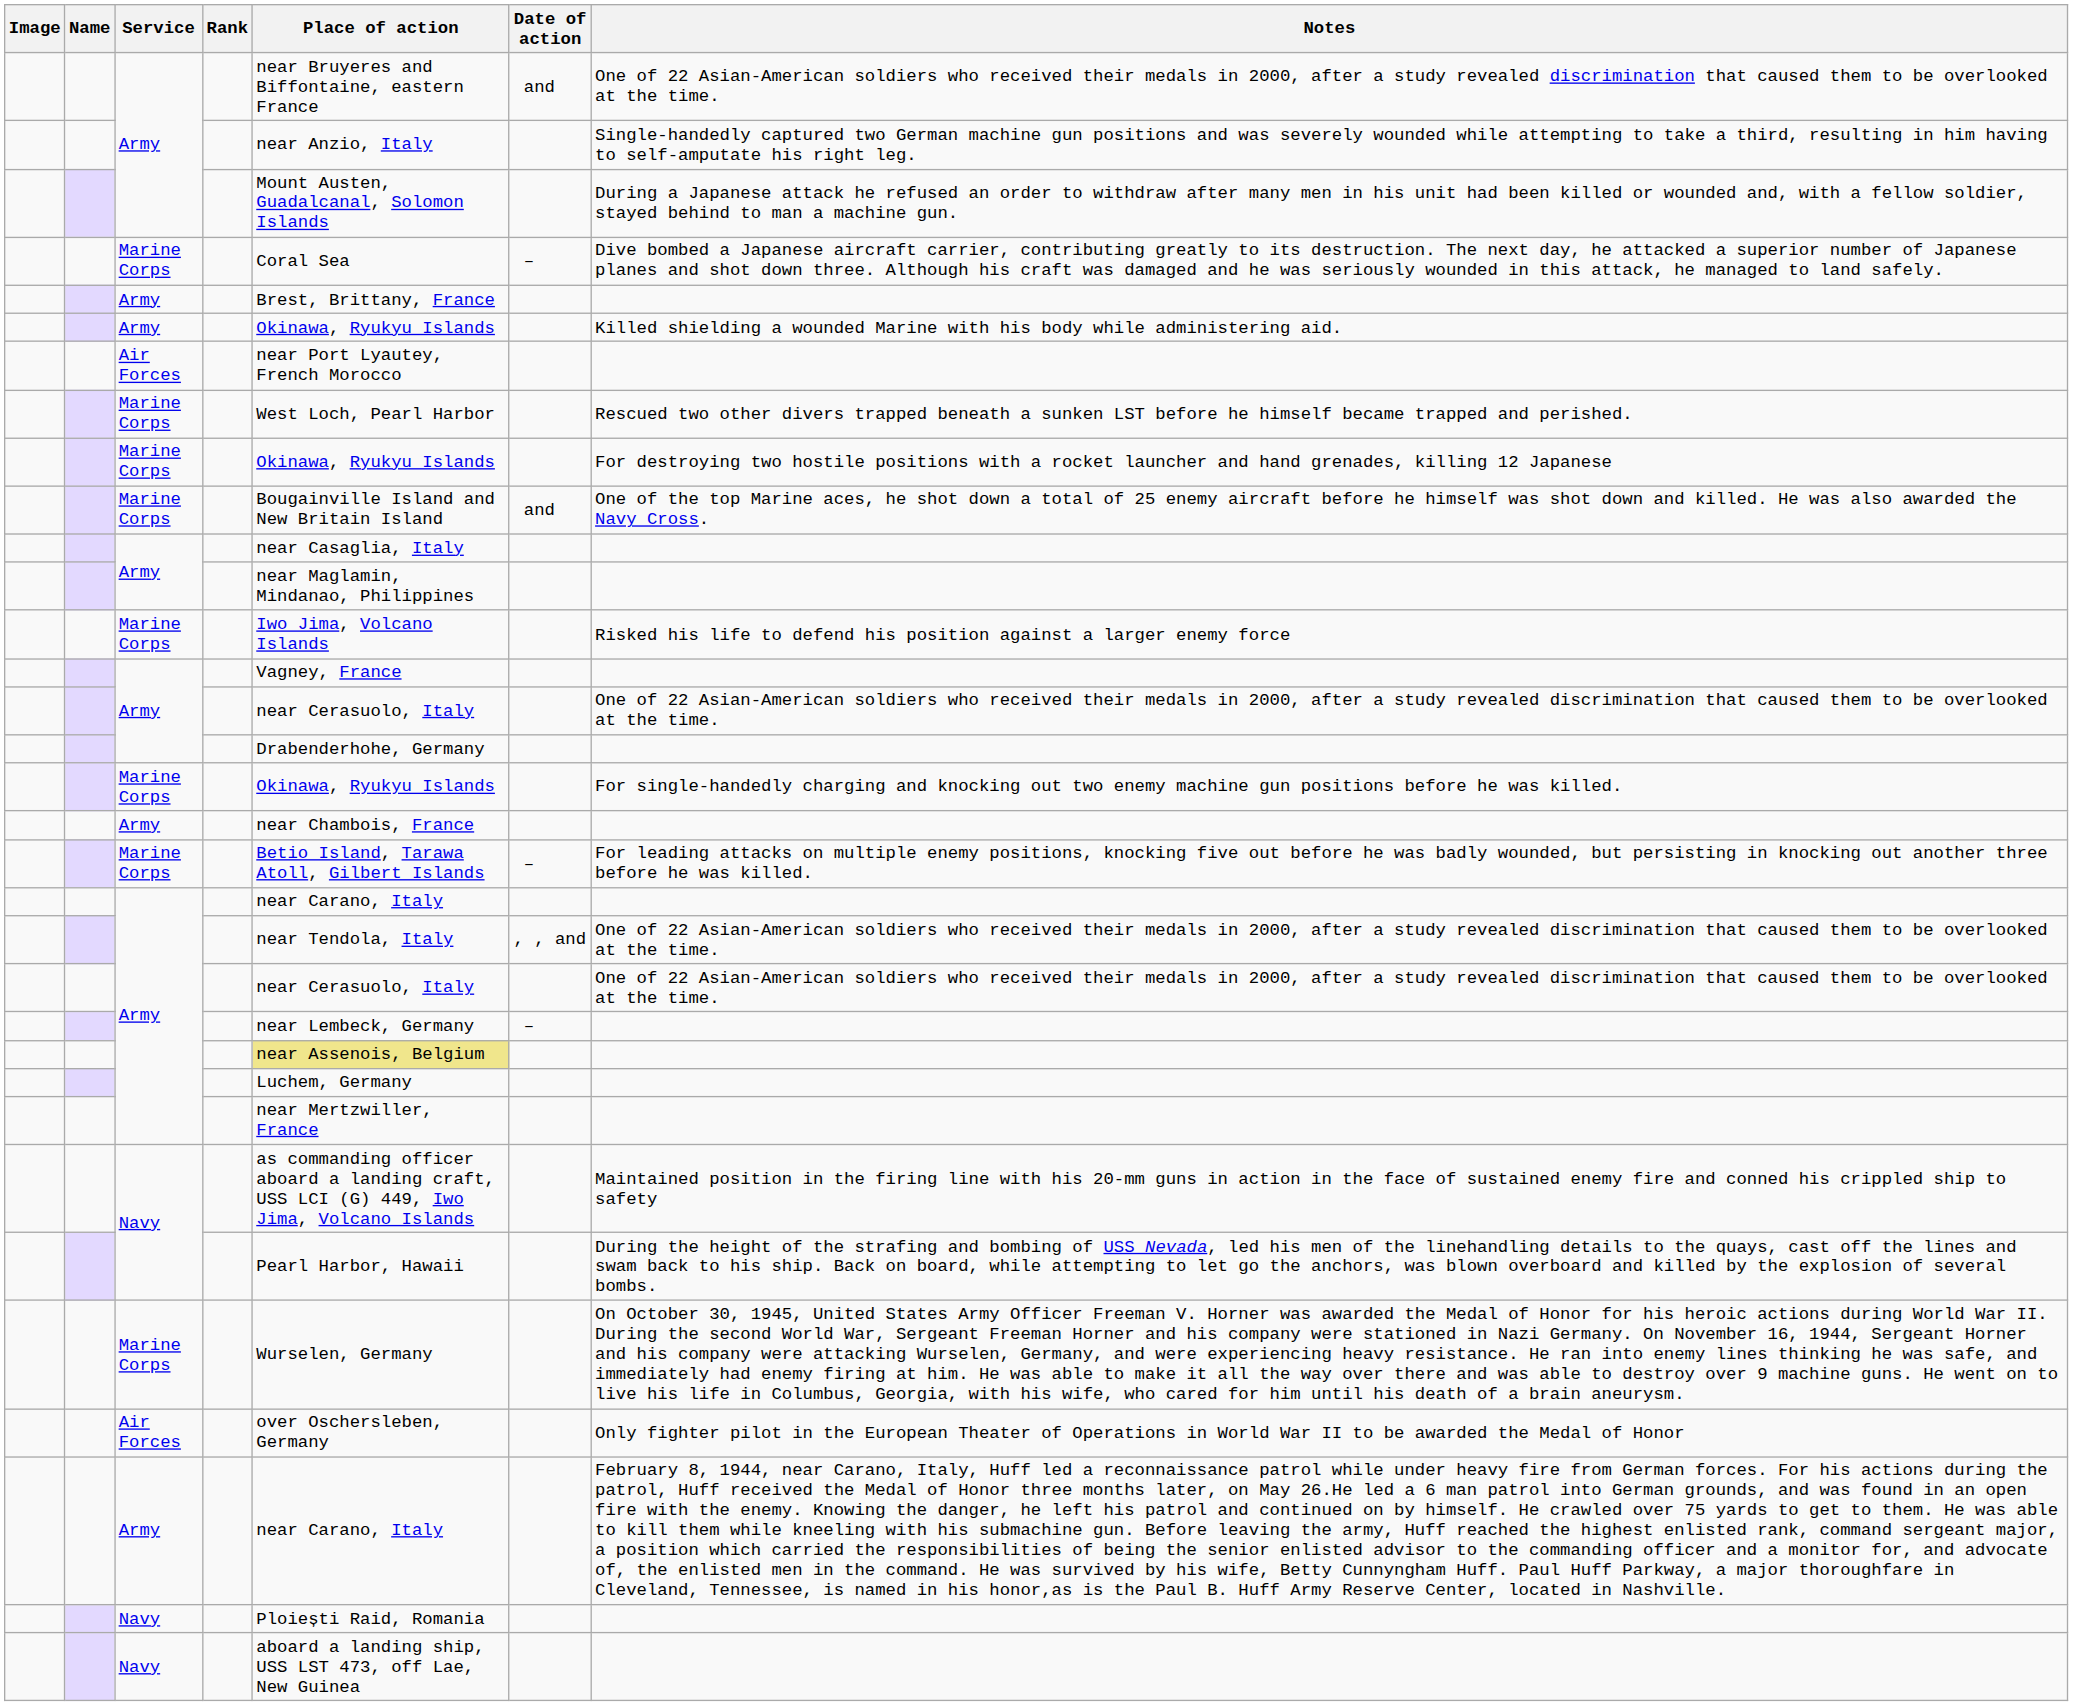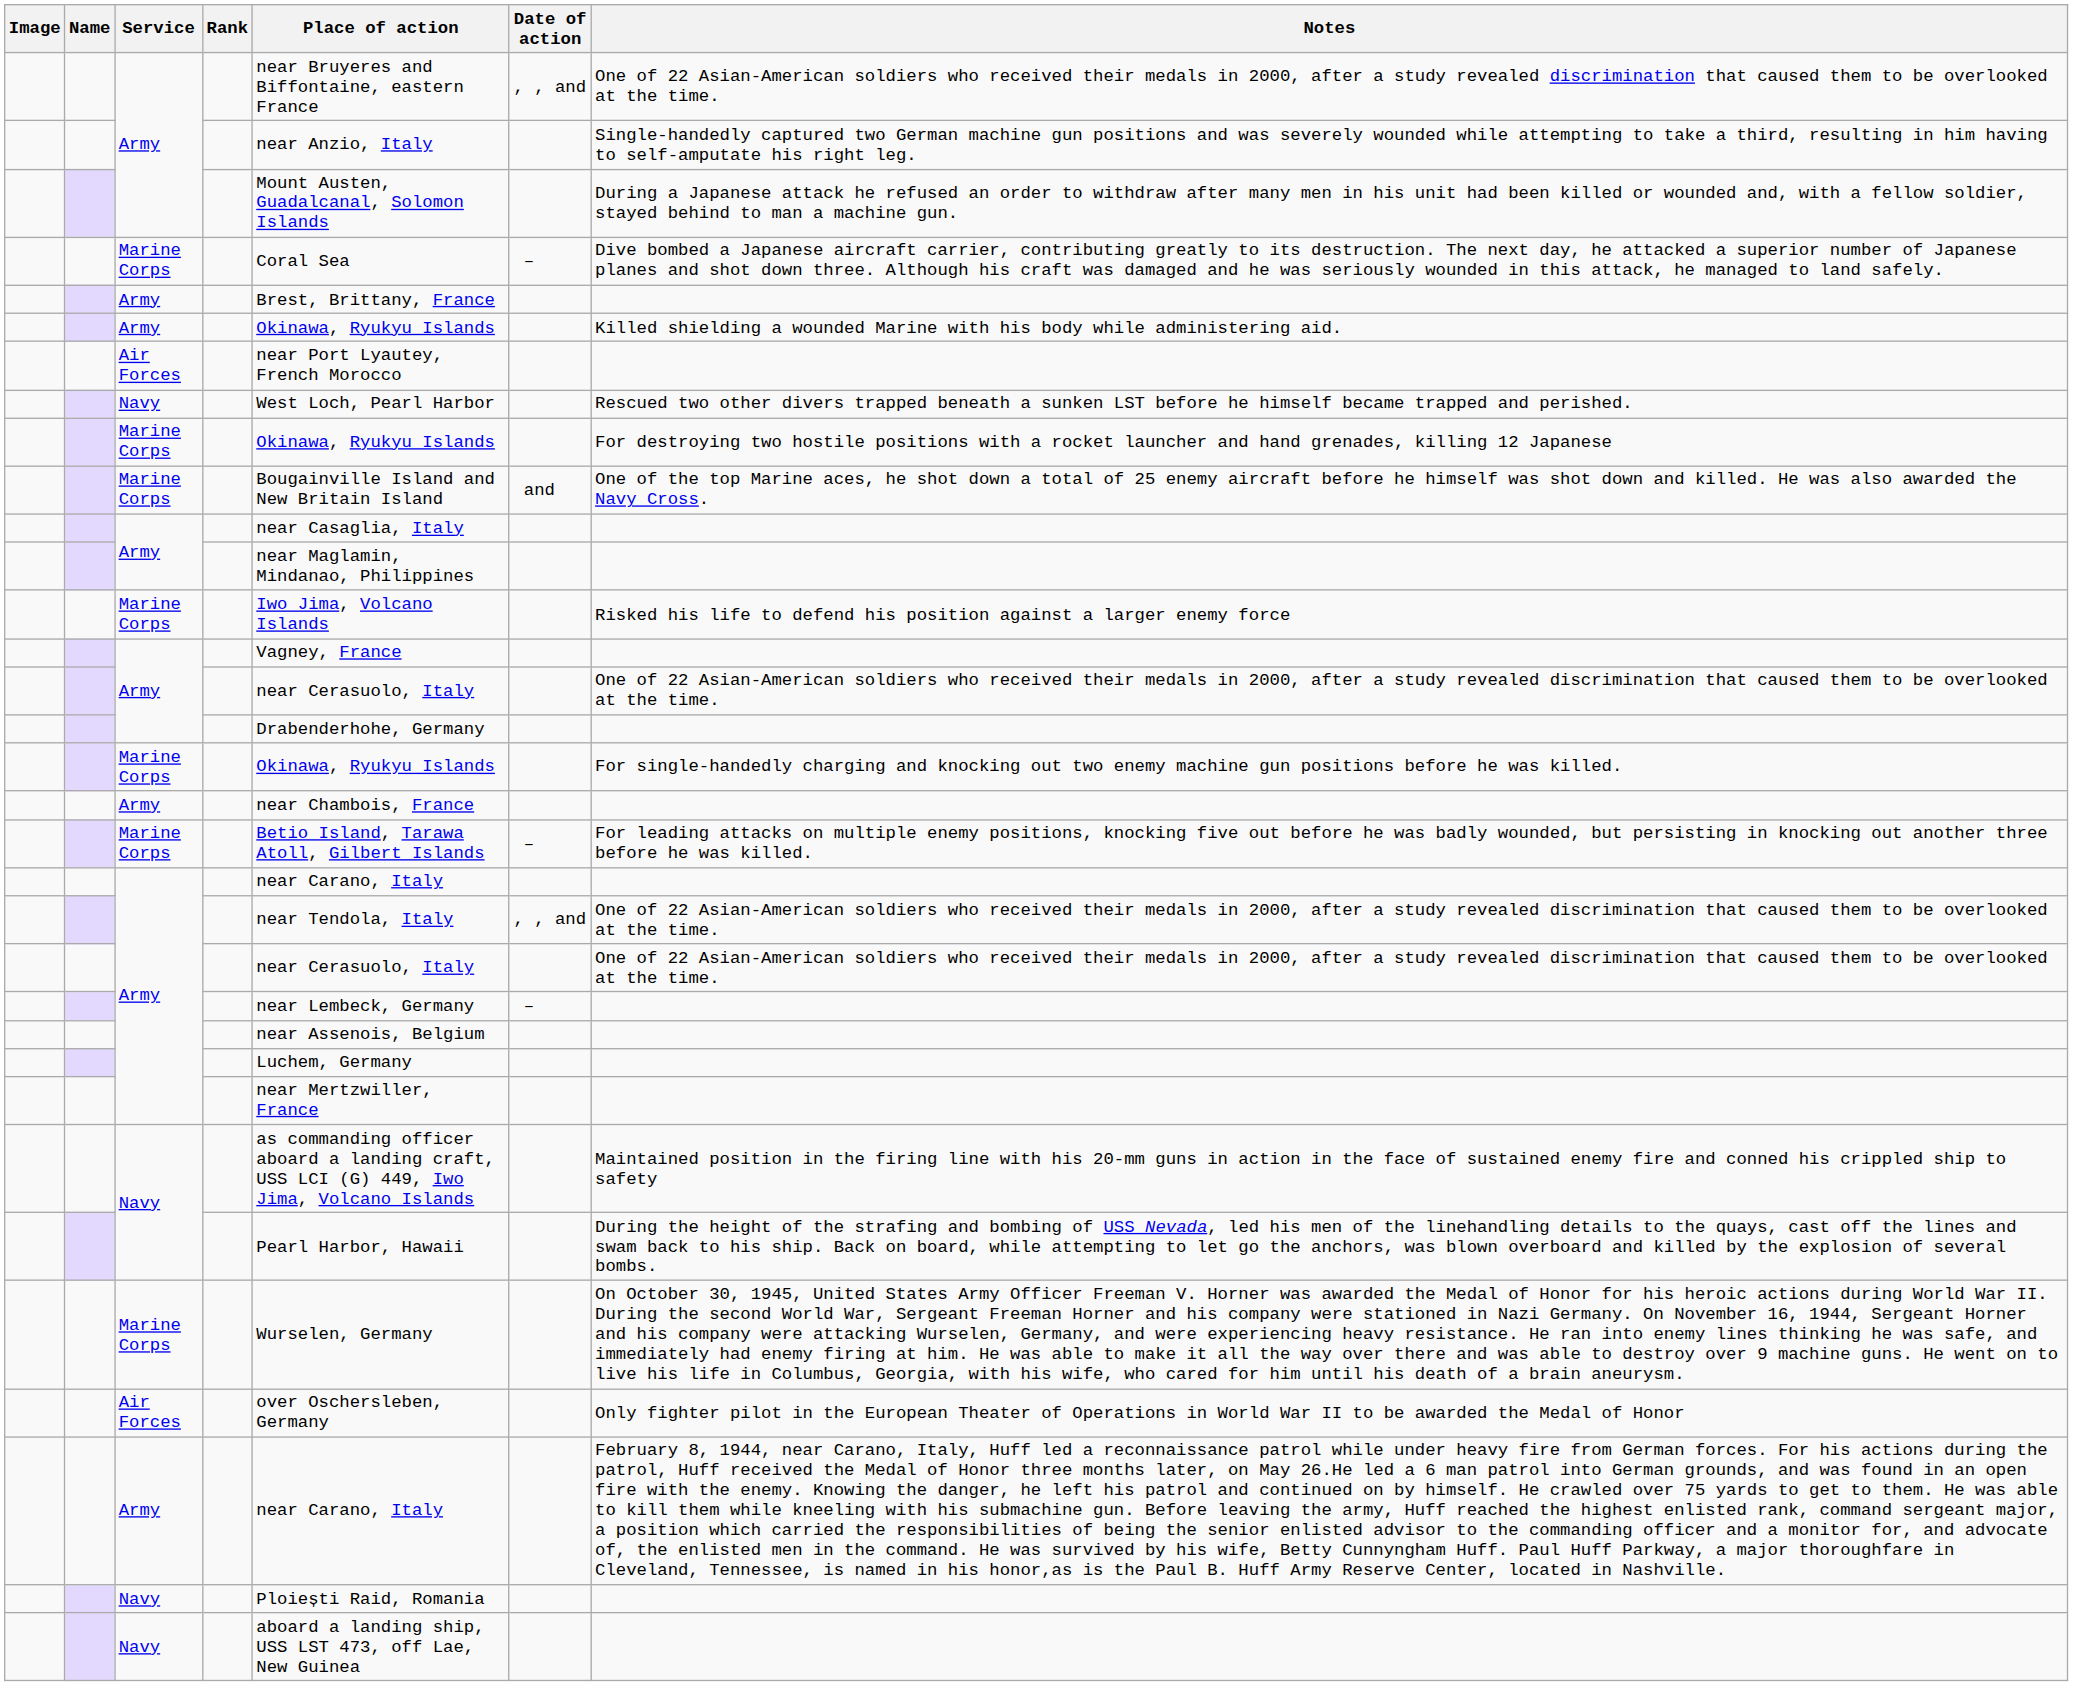 <table class="wikitable sortable" width="98%">
 <tr>
 <th class="unsortable">Image</th>
 <th>Name</th>
 <th>Service</th>
 <th>Rank</th>
 <th>Place of action</th>
 <th>Date of action</th>
 <th class="unsortable">Notes</th>
 </tr>
 <tr>
 <td></td>
 <td></td>
 <td rowspan="3"><a href='#'>Army</a></td>
 <td></td>
 <td>near Bruyeres and Biffontaine, eastern France</td>
-<td> and </td>
+<td>, , and </td>
 <td>One of 22 Asian-American soldiers who received their medals in 2000, after a study revealed <a href='#'>discrimination</a> that caused them to be overlooked at the time.</td>
 </tr>
 <tr>
 <td></td>
 <td></td>
 <td></td>
 <td>near Anzio, <a href='#'>Italy</a></td>
 <td></td>
 <td>Single-handedly captured two German machine gun positions and was severely wounded while attempting to take a third, resulting in him having to self-amputate his right leg.</td>
 </tr>
 <tr>
 <td></td>
 <td style="background:#e3d9ff;"></td>
 <td></td>
 <td>Mount Austen, <a href='#'>Guadalcanal</a>, <a href='#'>Solomon Islands</a></td>
 <td></td>
 <td>During a Japanese attack he refused an order to withdraw after many men in his unit had been killed or wounded and, with a fellow soldier, stayed behind to man a machine gun.</td>
 </tr>
 <tr>
 <td></td>
 <td></td>
 <td><a href='#'>Marine Corps</a></td>
 <td></td>
 <td>Coral Sea</td>
 <td> – </td>
 <td>Dive bombed a Japanese aircraft carrier, contributing greatly to its destruction. The next day, he attacked a superior number of Japanese planes and shot down three. Although his craft was damaged and he was seriously wounded in this attack, he managed to land safely.</td>
 </tr>
 <tr>
 <td></td>
 <td style="background:#e3d9ff;"></td>
 <td><a href='#'>Army</a></td>
 <td></td>
 <td>Brest, Brittany, <a href='#'>France</a></td>
 <td></td>
 <td></td>
 </tr>
 <tr>
 <td></td>
 <td style="background:#e3d9ff;"></td>
 <td><a href='#'>Army</a></td>
 <td></td>
 <td><a href='#'>Okinawa</a>, <a href='#'>Ryukyu Islands</a></td>
 <td></td>
 <td>Killed shielding a wounded Marine with his body while administering aid.</td>
 </tr>
 <tr>
 <td></td>
 <td></td>
 <td><a href='#'>Air Forces</a></td>
 <td></td>
 <td>near Port Lyautey, French Morocco</td>
 <td></td>
 <td></td>
 </tr>
 <tr>
 <td></td>
 <td style="background:#e3d9ff;"></td>
-<td><a href='#'>Marine Corps</a></td>
+<td><a href='#'>Navy</a></td>
 <td></td>
 <td>West Loch, Pearl Harbor</td>
 <td></td>
 <td>Rescued two other divers trapped beneath a sunken LST before he himself became trapped and perished.</td>
 </tr>
 <tr>
 <td></td>
 <td style="background:#e3d9ff;"></td>
 <td><a href='#'>Marine Corps</a></td>
 <td></td>
 <td><a href='#'>Okinawa</a>, <a href='#'>Ryukyu Islands</a></td>
 <td></td>
 <td>For destroying two hostile positions with a rocket launcher and hand grenades, killing 12 Japanese</td>
 </tr>
 <tr>
 <td></td>
 <td style="background:#e3d9ff;"></td>
 <td><a href='#'>Marine Corps</a></td>
 <td></td>
 <td>Bougainville Island and New Britain Island</td>
 <td> and </td>
 <td>One of the top Marine aces, he shot down a total of 25 enemy aircraft before he himself was shot down and killed. He was also awarded the <a href='#'>Navy Cross</a>.</td>
 </tr>
 <tr>
 <td></td>
 <td style="background:#e3d9ff;"></td>
 <td rowspan="2"><a href='#'>Army</a></td>
 <td></td>
 <td>near Casaglia, <a href='#'>Italy</a></td>
 <td></td>
 <td></td>
 </tr>
 <tr>
 <td></td>
 <td style="background:#e3d9ff;"></td>
 <td></td>
 <td>near Maglamin, Mindanao, Philippines</td>
 <td></td>
 <td></td>
 </tr>
 <tr>
 <td></td>
 <td></td>
 <td><a href='#'>Marine Corps</a></td>
 <td></td>
 <td><a href='#'>Iwo Jima</a>, <a href='#'>Volcano Islands</a></td>
 <td></td>
 <td>Risked his life to defend his position against a larger enemy force</td>
 </tr>
 <tr>
 <td></td>
 <td style="background:#e3d9ff;"></td>
 <td rowspan="3"><a href='#'>Army</a></td>
 <td></td>
 <td>Vagney, <a href='#'>France</a></td>
 <td></td>
 <td></td>
 </tr>
 <tr>
 <td></td>
 <td style="background:#e3d9ff;"></td>
 <td></td>
 <td>near Cerasuolo, <a href='#'>Italy</a></td>
 <td></td>
 <td>One of 22 Asian-American soldiers who received their medals in 2000, after a study revealed discrimination that caused them to be overlooked at the time.</td>
 </tr>
 <tr>
 <td></td>
 <td style="background:#e3d9ff;"></td>
 <td></td>
 <td>Drabenderhohe, Germany</td>
 <td></td>
 <td></td>
 </tr>
 <tr>
 <td></td>
 <td style="background:#e3d9ff;"></td>
 <td><a href='#'>Marine Corps</a></td>
 <td></td>
 <td><a href='#'>Okinawa</a>, <a href='#'>Ryukyu Islands</a></td>
 <td></td>
 <td>For single-handedly charging and knocking out two enemy machine gun positions before he was killed.</td>
 </tr>
 <tr>
 <td></td>
 <td></td>
 <td><a href='#'>Army</a></td>
 <td></td>
 <td>near Chambois, <a href='#'>France</a></td>
 <td></td>
 <td></td>
 </tr>
 <tr>
 <td></td>
 <td style="background:#e3d9ff;"></td>
 <td><a href='#'>Marine Corps</a></td>
 <td></td>
 <td><a href='#'>Betio Island</a>, <a href='#'>Tarawa Atoll</a>, <a href='#'>Gilbert Islands</a></td>
 <td> – </td>
 <td>For leading attacks on multiple enemy positions, knocking five out before he was badly wounded, but persisting in knocking out another three before he was killed.</td>
 </tr>
 <tr>
 <td></td>
 <td></td>
 <td rowspan="7"><a href='#'>Army</a></td>
 <td></td>
 <td>near Carano, <a href='#'>Italy</a></td>
 <td></td>
 <td></td>
 </tr>
 <tr>
 <td></td>
 <td style="background:#e3d9ff;"></td>
 <td></td>
 <td>near Tendola, <a href='#'>Italy</a></td>
 <td>, , and </td>
 <td>One of 22 Asian-American soldiers who received their medals in 2000, after a study revealed discrimination that caused them to be overlooked at the time.</td>
 </tr>
 <tr>
 <td></td>
 <td></td>
 <td></td>
 <td>near Cerasuolo, <a href='#'>Italy</a></td>
 <td></td>
 <td>One of 22 Asian-American soldiers who received their medals in 2000, after a study revealed discrimination that caused them to be overlooked at the time.</td>
 </tr>
 <tr>
 <td></td>
 <td style="background:#e3d9ff;"></td>
 <td></td>
 <td>near Lembeck, Germany</td>
 <td> – </td>
 <td></td>
 </tr>
 <tr>
 <td></td>
 <td></td>
 <td></td>
-<td style="background: khaki;">near Assenois, Belgium</td>
+<td>near Assenois, Belgium</td>
 <td></td>
 <td></td>
 </tr>
 <tr>
 <td></td>
 <td style="background:#e3d9ff;"></td>
 <td></td>
 <td>Luchem, Germany</td>
 <td></td>
 <td></td>
 </tr>
 <tr>
 <td></td>
 <td></td>
 <td></td>
 <td>near Mertzwiller, <a href='#'>France</a></td>
 <td></td>
 <td></td>
 </tr>
 <tr>
 <td></td>
 <td></td>
 <td rowspan="2"><a href='#'>Navy</a></td>
 <td></td>
 <td>as commanding officer aboard a landing craft, USS LCI (G) 449, <a href='#'>Iwo Jima</a>, <a href='#'>Volcano Islands</a></td>
 <td></td>
 <td>Maintained position in the firing line with his 20-mm guns in action in the face of sustained enemy fire and conned his crippled ship to safety</td>
 </tr>
 <tr>
 <td></td>
 <td style="background:#e3d9ff;"></td>
 <td></td>
 <td>Pearl Harbor, Hawaii</td>
 <td></td>
 <td>During the height of the strafing and bombing of <a href='#'>USS <em>Nevada</em></a>, led his men of the linehandling details to the quays, cast off the lines and swam back to his ship. Back on board, while attempting to let go the anchors, was blown overboard and killed by the explosion of several bombs.</td>
 </tr>
 <tr>
 <td></td>
 <td></td>
 <td><a href='#'>Marine Corps</a></td>
 <td></td>
 <td>Wurselen, Germany</td>
 <td></td>
 <td>On October 30, 1945, United States Army Officer Freeman V. Horner was awarded the Medal of Honor for his heroic actions during World War II. During the second World War, Sergeant Freeman Horner and his company were stationed in Nazi Germany. On November 16, 1944, Sergeant Horner and his company were attacking Wurselen, Germany, and were experiencing heavy resistance. He ran into enemy lines thinking he was safe, and immediately had enemy firing at him. He was able to make it all the way over there and was able to destroy over 9 machine guns.  He went on to live his life in Columbus, Georgia, with his wife, who cared for him until his death of a brain aneurysm.</td>
 </tr>
 <tr>
 <td></td>
 <td></td>
 <td><a href='#'>Air Forces</a></td>
 <td></td>
 <td>over Oschersleben, Germany</td>
 <td></td>
 <td>Only fighter pilot in the European Theater of Operations in World War II to be awarded the Medal of Honor</td>
 </tr>
 <tr>
 <td></td>
 <td></td>
 <td><a href='#'>Army</a></td>
 <td></td>
 <td>near Carano, <a href='#'>Italy</a></td>
 <td></td>
 <td>February 8, 1944, near Carano, Italy, Huff led a reconnaissance patrol while under heavy fire from German forces. For his actions during the patrol, Huff received the Medal of Honor three months later, on May 26.He led a 6 man patrol into German grounds, and was found in an open fire with the enemy. Knowing the danger, he left his patrol and continued on by himself. He crawled over 75 yards to get to them. He was able to kill them while kneeling with his submachine gun. Before leaving the army, Huff reached the highest enlisted rank, command sergeant major, a position which carried the responsibilities of being the senior enlisted advisor to the commanding officer and a monitor for, and advocate of, the enlisted men in the command. He was survived by his wife, Betty Cunnyngham Huff. Paul Huff Parkway, a major thoroughfare in Cleveland, Tennessee, is named in his honor,as is the Paul B. Huff Army Reserve Center, located in Nashville.</td>
 </tr>
 <tr>
 <td></td>
 <td style="background:#e3d9ff;"></td>
 <td><a href='#'>Navy</a></td>
 <td></td>
 <td>Ploiești Raid, Romania</td>
 <td></td>
 <td></td>
 </tr>
 <tr>
 <td></td>
 <td style="background:#e3d9ff;"></td>
 <td><a href='#'>Navy</a></td>
 <td></td>
 <td>aboard a landing ship, USS LST 473, off Lae, New Guinea</td>
 <td></td>
 <td></td>
 </tr>
 </table>
